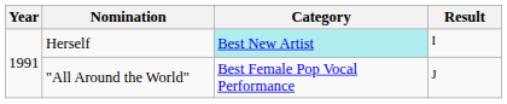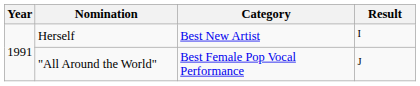 <table class="wikitable">
 <tr>
 <th width="30">Year</th>
 <th width="175">Nomination</th>
 <th width="220">Category</th>
 <th width="70">Result</th>
 </tr>
 <tr>
 <td rowspan="2">1991</td>
 <td>Herself</td>
-<td style="background: paleturquoise;"><a href='#'>Best New Artist</a></td>
+<td><a href='#'>Best New Artist</a></td>
 <td><sup>I</sup></td>
 </tr>
 <tr>
 <td>"All Around the World"</td>
 <td><a href='#'>Best Female Pop Vocal Performance</a></td>
 <td><sup>J</sup></td>
 </tr>
 </table>
